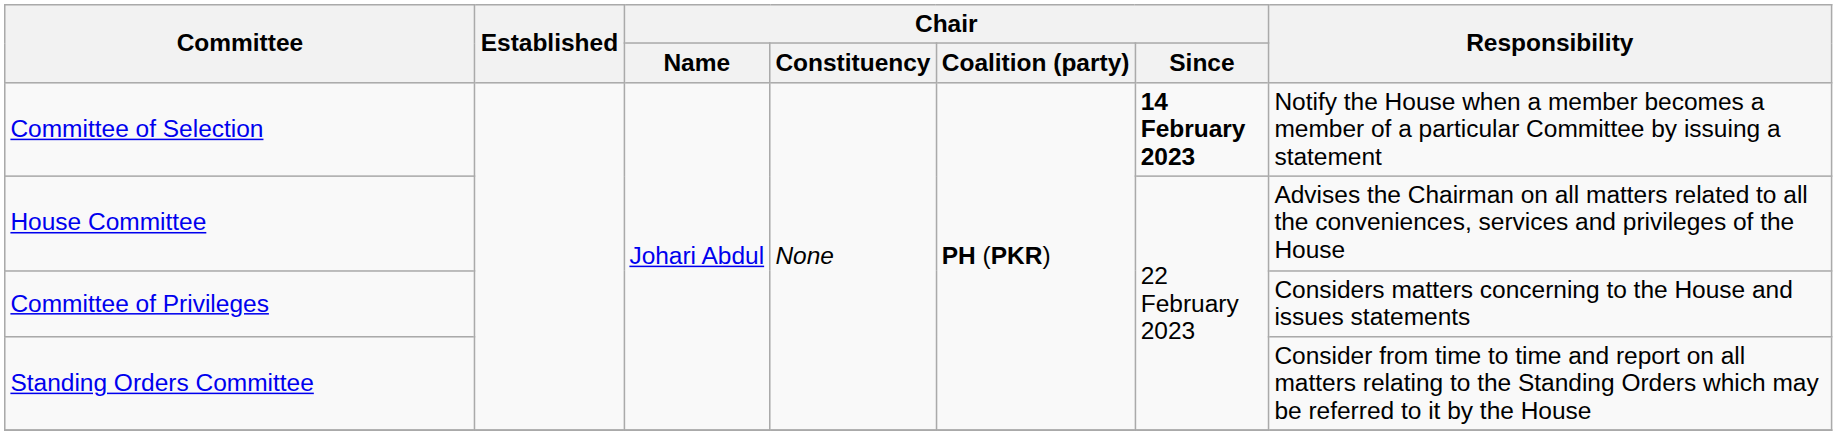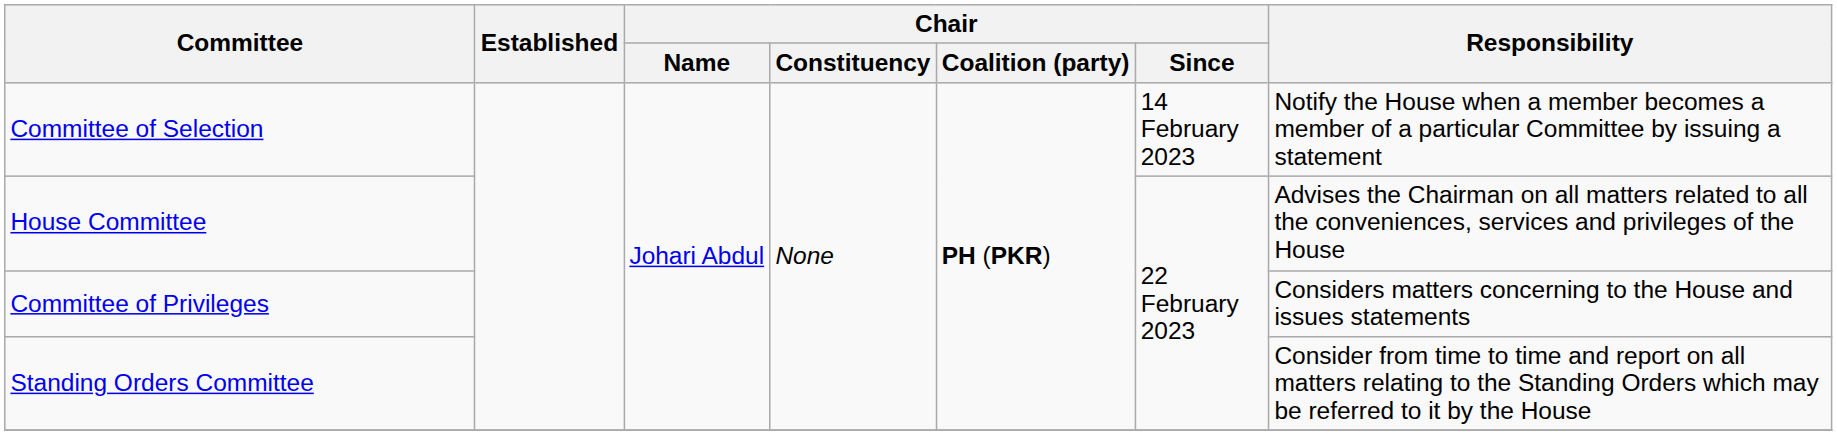 <table class="wikitable">
 <tr>
 <th width=300 rowspan="2">Committee</th>
 <th width=80 rowspan="2">Established</th>
 <th colspan="4">Chair</th>
 <th width=360 rowspan="2">Responsibility</th>
 </tr>
 <tr>
 <th>Name</th>
 <th>Constituency</th>
 <th>Coalition (party)</th>
 <th width="80">Since</th>
 </tr>
 <tr>
 <td><a href='#'>Committee of Selection</a></td>
 <td rowspan="4"></td>
 <td rowspan="4"><a href='#'>Johari Abdul</a></td>
 <td rowspan="4"><em>None</em></td>
 <td rowspan="4"><strong>PH</strong> (<strong>PKR</strong>)</td>
-<td><strong>14 February 2023</strong></td>
+<td>14 February 2023</td>
 <td>Notify the House when a member becomes a member of a particular Committee by issuing a statement</td>
 </tr>
 <tr>
 <td><a href='#'>House Committee</a></td>
 <td rowspan="3">22 February 2023</td>
 <td>Advises the Chairman on all matters related to all the conveniences, services and privileges of the House</td>
 </tr>
 <tr>
 <td><a href='#'>Committee of Privileges</a></td>
 <td>Considers matters concerning to the House and issues statements</td>
 </tr>
 <tr>
 <td><a href='#'>Standing Orders Committee</a></td>
 <td>Consider from time to time and report on all matters relating to the Standing Orders which may be referred to it by the House</td>
 </tr>
 <tr>
 </tr>
 </table>
